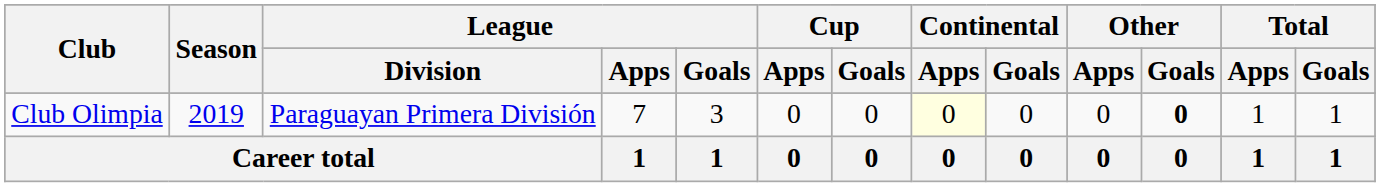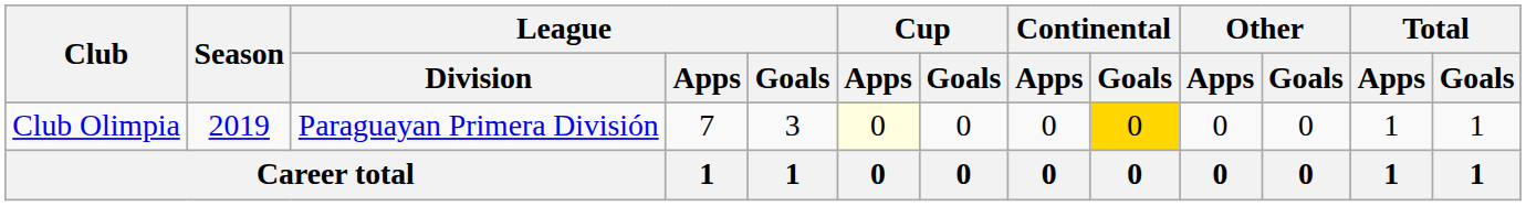 <table class="wikitable" style="text-align: center">
 <tr>
 <th rowspan="2">Club</th>
 <th rowspan="2">Season</th>
 <th colspan="3">League</th>
 <th colspan="2">Cup</th>
 <th colspan="2">Continental</th>
 <th colspan="2">Other</th>
 <th colspan="2">Total</th>
 </tr>
 <tr>
 <th>Division</th>
 <th>Apps</th>
 <th>Goals</th>
 <th>Apps</th>
 <th>Goals</th>
 <th>Apps</th>
 <th>Goals</th>
 <th>Apps</th>
 <th>Goals</th>
 <th>Apps</th>
 <th>Goals</th>
 </tr>
 <tr>
 <td><a href='#'>Club Olimpia</a></td>
 <td><a href='#'>2019</a></td>
 <td><a href='#'>Paraguayan Primera División</a></td>
 <td>7</td>
 <td>3</td>
-<td>0</td>
-<td>0</td>
 <td style="background: lightyellow;">0</td>
 <td>0</td>
 <td>0</td>
-<td><strong>0</strong></td>
+<td style="background: gold;">0</td>
+<td>0</td>
+<td>0</td>
 <td>1</td>
 <td>1</td>
 </tr>
 <tr>
 <th colspan="3"><strong>Career total</strong></th>
 <th>1</th>
 <th>1</th>
 <th>0</th>
 <th>0</th>
 <th>0</th>
 <th>0</th>
 <th>0</th>
 <th>0</th>
 <th>1</th>
 <th>1</th>
 </tr>
 </table>
